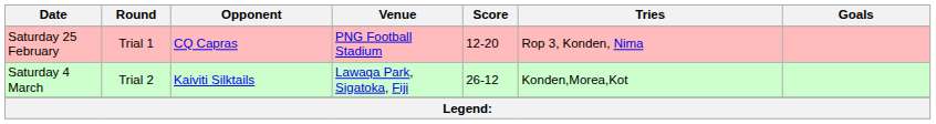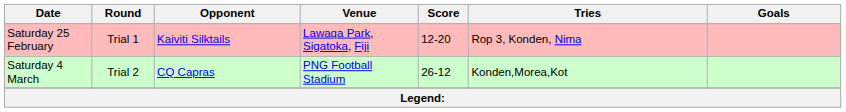 <table class="wikitable" style="font-size:75%;">
 <tr>
 <th style="width:95px;">Date</th>
 <th style="width:65px;">Round</th>
 <th style="width:170px;">Opponent</th>
 <th style="width:135px;">Venue</th>
 <th style="width:50px;">Score</th>
 <th style="width:280px;">Tries</th>
 <th style="width:160px;">Goals</th>
 </tr>
 <tr style="background:#FFBBBB">
 <td>Saturday 25 February</td>
 <td style="text-align:center;">Trial 1</td>
-<td> <a href='#'>CQ Capras</a></td>
-<td><a href='#'>PNG Football Stadium</a></td>
+<td> <a href='#'>Kaiviti Silktails</a></td>
+<td><a href='#'>Lawaqa Park</a>, <a href='#'>Sigatoka</a>, <a href='#'>Fiji</a></td>
 <td>12-20</td>
 <td>Rop 3, Konden, <a href='#'>Nima</a></td>
 <td></td>
 </tr>
 <tr style="background:#CCFFCC">
 <td>Saturday 4 March</td>
 <td style="text-align:center;">Trial 2</td>
-<td> <a href='#'>Kaiviti Silktails</a></td>
-<td><a href='#'>Lawaqa Park</a>, <a href='#'>Sigatoka</a>, <a href='#'>Fiji</a></td>
+<td> <a href='#'>CQ Capras</a></td>
+<td><a href='#'>PNG Football Stadium</a></td>
 <td>26-12</td>
 <td>Konden,Morea,Kot</td>
 <td></td>
 </tr>
 <tr style="background:#CCFFCC">
 </tr>
 <tr>
 <th colspan="07"><strong>Legend</strong>:    </th>
 </tr>
 </table>
